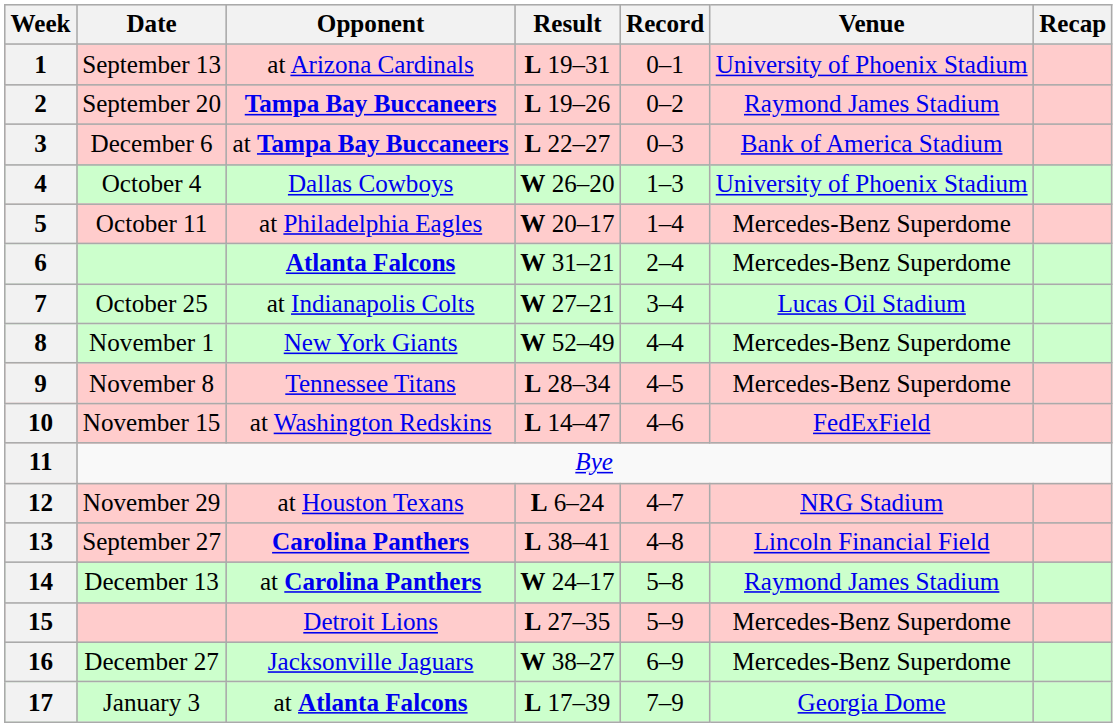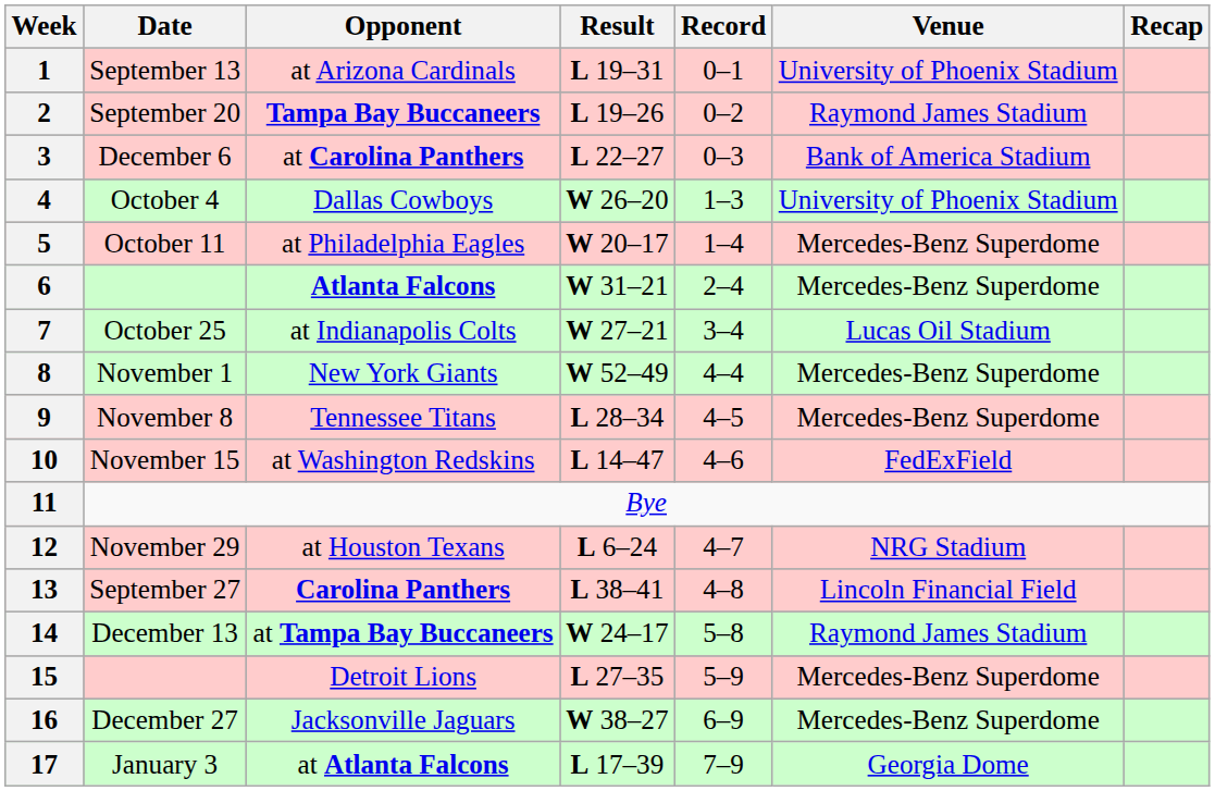 <table class="wikitable" style="text-align:center">
 <tr>
 <th>Week</th>
 <th>Date</th>
 <th>Opponent</th>
 <th>Result</th>
 <th>Record</th>
 <th>Venue</th>
 <th>Recap</th>
 </tr>
 <tr style="background:#fcc">
 <th>1</th>
 <td>September 13</td>
 <td>at <a href='#'>Arizona Cardinals</a></td>
 <td><strong>L</strong> 19–31</td>
 <td>0–1</td>
 <td><a href='#'>University of Phoenix Stadium</a></td>
 <td></td>
 </tr>
 <tr style="background:#fcc">
 <th>2</th>
 <td>September 20</td>
 <td><strong><a href='#'>Tampa Bay Buccaneers</a></strong></td>
 <td><strong>L</strong> 19–26</td>
 <td>0–2</td>
 <td><a href='#'>Raymond James Stadium</a></td>
 <td></td>
 </tr>
 <tr style="background:#fcc">
 <th>3</th>
 <td>December 6</td>
-<td>at <strong><a href='#'>Tampa Bay Buccaneers</a></strong></td>
+<td>at <strong><a href='#'>Carolina Panthers</a></strong></td>
 <td><strong>L</strong> 22–27</td>
 <td>0–3</td>
 <td><a href='#'>Bank of America Stadium</a></td>
 <td></td>
 </tr>
 <tr style="background:#cfc">
 <th>4</th>
 <td>October 4</td>
 <td><a href='#'>Dallas Cowboys</a></td>
 <td><strong>W</strong> 26–20 </td>
 <td>1–3</td>
 <td><a href='#'>University of Phoenix Stadium</a></td>
 <td></td>
 </tr>
 <tr style="background:#fcc">
 <th>5</th>
 <td>October 11</td>
 <td>at <a href='#'>Philadelphia Eagles</a></td>
 <td><strong>W</strong> 20–17</td>
 <td>1–4</td>
 <td>Mercedes-Benz Superdome</td>
 <td></td>
 </tr>
 <tr style="background:#cfc">
 <th>6</th>
 <td></td>
 <td><strong><a href='#'>Atlanta Falcons</a></strong></td>
 <td><strong>W</strong> 31–21</td>
 <td>2–4</td>
 <td>Mercedes-Benz Superdome</td>
 <td></td>
 </tr>
 <tr style="background:#cfc">
 <th>7</th>
 <td>October 25</td>
 <td>at <a href='#'>Indianapolis Colts</a></td>
 <td><strong>W</strong> 27–21</td>
 <td>3–4</td>
 <td><a href='#'>Lucas Oil Stadium</a></td>
 <td></td>
 </tr>
 <tr style="background:#cfc">
 <th>8</th>
 <td>November 1</td>
 <td><a href='#'>New York Giants</a></td>
 <td><strong>W</strong> 52–49</td>
 <td>4–4</td>
 <td>Mercedes-Benz Superdome</td>
 <td></td>
 </tr>
 <tr style="background:#fcc">
 <th>9</th>
 <td>November 8</td>
 <td><a href='#'>Tennessee Titans</a></td>
 <td><strong>L</strong> 28–34 </td>
 <td>4–5</td>
 <td>Mercedes-Benz Superdome</td>
 <td></td>
 </tr>
 <tr style="background:#fcc">
 <th>10</th>
 <td>November 15</td>
 <td>at <a href='#'>Washington Redskins</a></td>
 <td><strong>L</strong> 14–47</td>
 <td>4–6</td>
 <td><a href='#'>FedExField</a></td>
 <td></td>
 </tr>
 <tr>
 <th>11</th>
 <td colspan=8><em><a href='#'>Bye</a></em></td>
 </tr>
 <tr style="background:#fcc">
 <th>12</th>
 <td>November 29</td>
 <td>at <a href='#'>Houston Texans</a></td>
 <td><strong>L</strong> 6–24</td>
 <td>4–7</td>
 <td><a href='#'>NRG Stadium</a></td>
 <td></td>
 </tr>
 <tr style="background:#fcc">
 <th>13</th>
 <td>September 27</td>
 <td><strong><a href='#'>Carolina Panthers</a></strong></td>
 <td><strong>L</strong> 38–41</td>
 <td>4–8</td>
 <td><a href='#'>Lincoln Financial Field</a></td>
 <td></td>
 </tr>
 <tr style="background:#cfc">
 <th>14</th>
 <td>December 13</td>
-<td>at <strong><a href='#'>Carolina Panthers</a></strong></td>
+<td>at <strong><a href='#'>Tampa Bay Buccaneers</a></strong></td>
 <td><strong>W</strong> 24–17</td>
 <td>5–8</td>
 <td><a href='#'>Raymond James Stadium</a></td>
 <td></td>
 </tr>
 <tr style="background:#fcc">
 <th>15</th>
 <td></td>
 <td><a href='#'>Detroit Lions</a></td>
 <td><strong>L</strong> 27–35</td>
 <td>5–9</td>
 <td>Mercedes-Benz Superdome</td>
 <td></td>
 </tr>
 <tr style="background:#cfc">
 <th>16</th>
 <td>December 27</td>
 <td><a href='#'>Jacksonville Jaguars</a></td>
 <td><strong>W</strong> 38–27</td>
 <td>6–9</td>
 <td>Mercedes-Benz Superdome</td>
 <td></td>
 </tr>
 <tr style="background:#cfc">
 <th>17</th>
 <td>January 3</td>
 <td>at <strong><a href='#'>Atlanta Falcons</a></strong></td>
 <td><strong>L</strong> 17–39</td>
 <td>7–9</td>
 <td><a href='#'>Georgia Dome</a></td>
 <td></td>
 </tr>
 </table>
